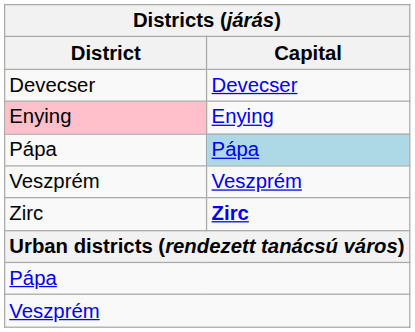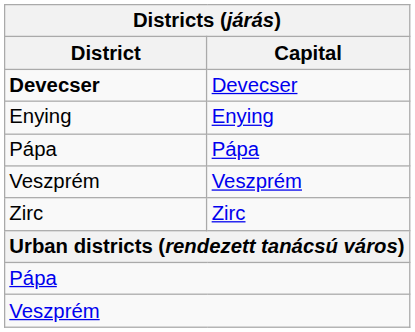 <table class="wikitable">
 <tr>
 <th colspan=2>Districts (<em>járás</em>)</th>
 </tr>
 <tr>
 <th>District</th>
 <th>Capital</th>
 </tr>
 <tr>
-<td>Devecser</td>
+<td><strong>Devecser</strong></td>
 <td><a href='#'>Devecser</a></td>
 </tr>
 <tr>
-<td style="background: pink;">Enying</td>
+<td>Enying</td>
 <td><a href='#'>Enying</a></td>
 </tr>
 <tr>
 <td>Pápa</td>
-<td style="background: lightblue;"><a href='#'>Pápa</a></td>
+<td><a href='#'>Pápa</a></td>
 </tr>
 <tr>
 <td>Veszprém</td>
 <td><a href='#'>Veszprém</a></td>
 </tr>
 <tr>
 <td>Zirc</td>
-<td><strong><a href='#'>Zirc</a></strong></td>
+<td><a href='#'>Zirc</a></td>
 </tr>
 <tr>
 <th colspan=2>Urban districts (<em>rendezett tanácsú város</em>)</th>
 </tr>
 <tr>
 <td colspan=2><a href='#'>Pápa</a></td>
 </tr>
 <tr>
 <td colspan=2><a href='#'>Veszprém</a></td>
 </tr>
 </table>
